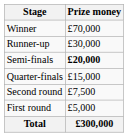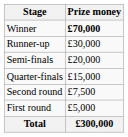 <table class="wikitable">
 <tr>
 <th>Stage</th>
 <th>Prize money</th>
 </tr>
 <tr>
 <td>Winner</td>
-<td>£70,000</td>
+<td><strong>£70,000</strong></td>
 </tr>
 <tr>
 <td>Runner-up</td>
 <td>£30,000</td>
 </tr>
 <tr>
 <td>Semi-finals</td>
-<td><strong>£20,000</strong></td>
+<td>£20,000</td>
 </tr>
 <tr>
 <td>Quarter-finals</td>
 <td>£15,000</td>
 </tr>
 <tr>
 <td>Second round</td>
 <td>£7,500</td>
 </tr>
 <tr>
 <td>First round</td>
 <td>£5,000</td>
 </tr>
 <tr>
 <th>Total</th>
 <th>£300,000</th>
 </tr>
 </table>
